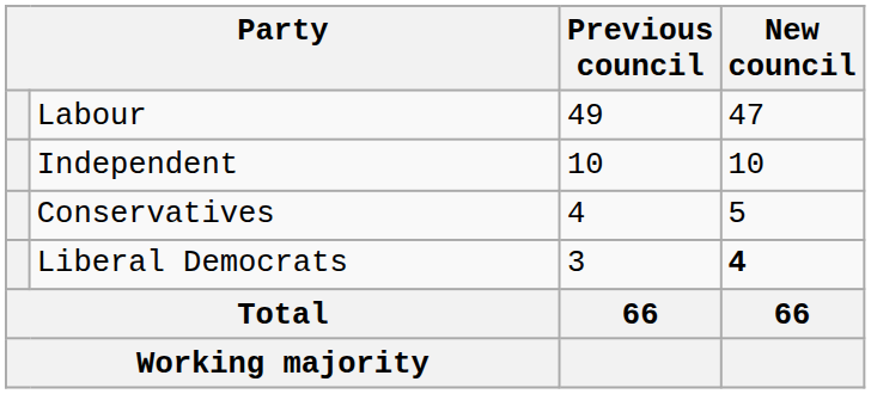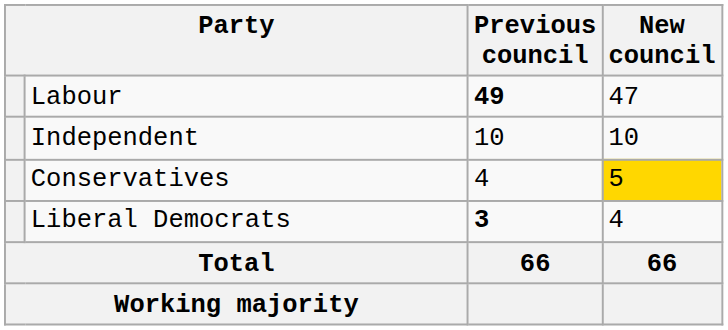 <table class="wikitable">
 <tr>
 <th valign=top colspan="2" style="width: 230px">Party</th>
 <th valign=top style="width: 30px">Previous council</th>
 <th valign=top style="width: 30px">New council</th>
 </tr>
 <tr>
 <th style="background-color: "></th>
 <td>Labour</td>
-<td>49</td>
+<td><strong>49</strong></td>
 <td>47</td>
 </tr>
 <tr>
 <th style="background-color: "></th>
 <td>Independent</td>
 <td>10</td>
 <td>10</td>
 </tr>
 <tr>
 <th style="background-color: "></th>
 <td>Conservatives</td>
 <td>4</td>
-<td>5</td>
+<td style="background: gold;">5</td>
 </tr>
 <tr>
 <th style="background-color: "></th>
 <td>Liberal Democrats</td>
-<td>3</td>
-<td><strong>4</strong></td>
+<td><strong>3</strong></td>
+<td>4</td>
 </tr>
 <tr>
 <th colspan=2>Total</th>
 <th style="text-align: center">66</th>
 <th colspan=3>66</th>
 </tr>
 <tr>
 <th colspan=2>Working majority</th>
 <th></th>
 <th></th>
 </tr>
 </table>
